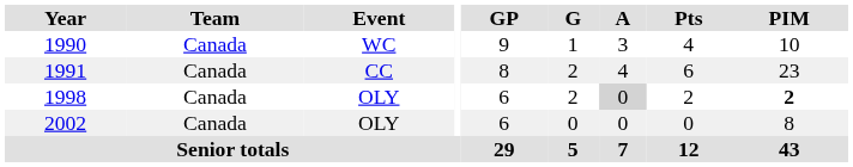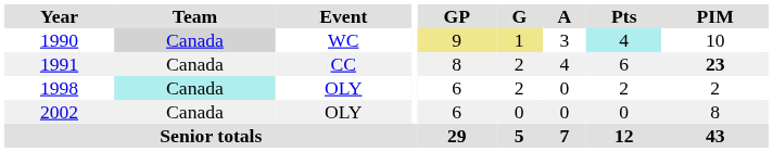 <table border="0" cellpadding="1" cellspacing="0" ID="Table3" style="text-align:center; width:40em;">
 <tr bgcolor="#e0e0e0">
 <th>Year</th>
 <th>Team</th>
 <th>Event</th>
 <th rowspan="102" bgcolor="#ffffff"></th>
 <th>GP</th>
 <th>G</th>
 <th>A</th>
 <th>Pts</th>
 <th>PIM</th>
 </tr>
 <tr>
 <td><a href='#'>1990</a></td>
-<td><a href='#'>Canada</a></td>
+<td style="background: lightgrey;"><a href='#'>Canada</a></td>
 <td><a href='#'>WC</a></td>
-<td>9</td>
-<td>1</td>
+<td style="background: khaki;">9</td>
+<td style="background: khaki;">1</td>
 <td>3</td>
-<td>4</td>
+<td style="background: paleturquoise;">4</td>
 <td>10</td>
 </tr>
 <tr bgcolor="#f0f0f0">
 <td><a href='#'>1991</a></td>
 <td>Canada</td>
 <td><a href='#'>CC</a></td>
 <td>8</td>
 <td>2</td>
 <td>4</td>
 <td>6</td>
-<td>23</td>
+<td><strong>23</strong></td>
 </tr>
 <tr>
 <td><a href='#'>1998</a></td>
-<td>Canada</td>
+<td style="background: paleturquoise;">Canada</td>
 <td><a href='#'>OLY</a></td>
 <td>6</td>
 <td>2</td>
-<td style="background: lightgrey;">0</td>
+<td>0</td>
 <td>2</td>
-<td><strong>2</strong></td>
+<td>2</td>
 </tr>
 <tr bgcolor="#f0f0f0">
 <td><a href='#'>2002</a></td>
 <td>Canada</td>
 <td>OLY</td>
 <td>6</td>
 <td>0</td>
 <td>0</td>
 <td>0</td>
 <td>8</td>
 </tr>
 <tr bgcolor="#e0e0e0">
 <th colspan="4">Senior totals</th>
 <th>29</th>
 <th>5</th>
 <th>7</th>
 <th>12</th>
 <th>43</th>
 </tr>
 </table>
